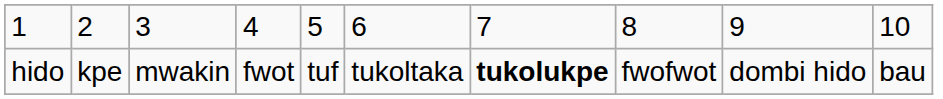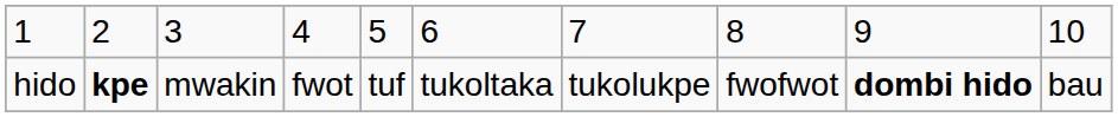 <table class=wikitable>
 <tr>
 <td>1</td>
 <td>2</td>
 <td>3</td>
 <td>4</td>
 <td>5</td>
 <td>6</td>
 <td>7</td>
 <td>8</td>
 <td>9</td>
 <td>10</td>
 </tr>
 <tr>
 <td>hido</td>
-<td>kpe</td>
+<td><strong>kpe</strong></td>
 <td>mwakin</td>
 <td>fwot</td>
 <td>tuf</td>
 <td>tukoltaka</td>
-<td><strong>tukolukpe</strong></td>
+<td>tukolukpe</td>
 <td>fwofwot</td>
-<td>dombi hido</td>
+<td><strong>dombi hido</strong></td>
 <td>bau</td>
 </tr>
 </table>
